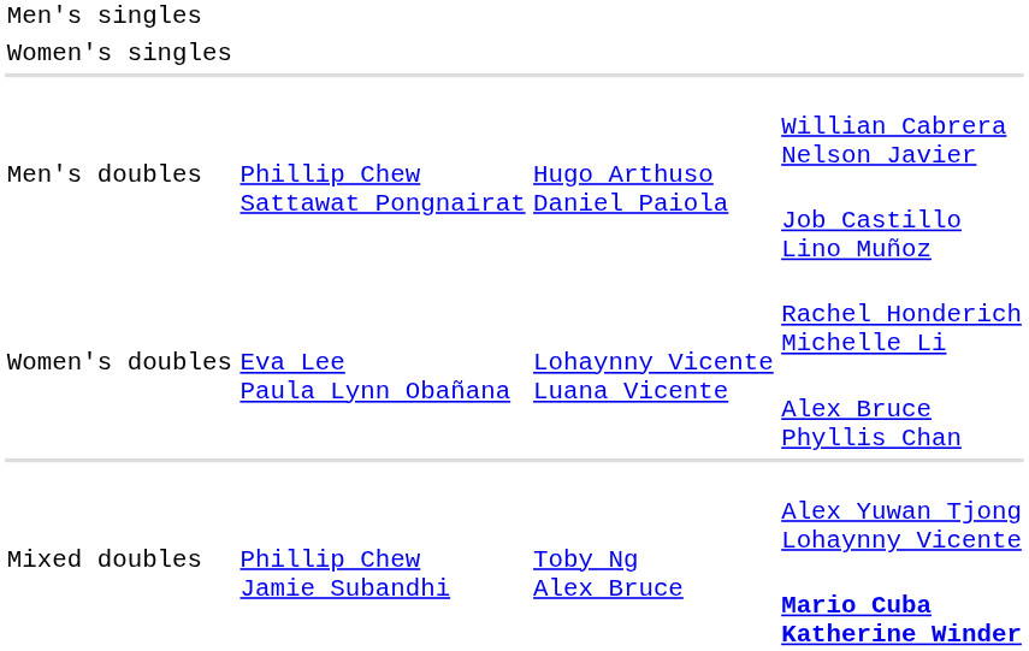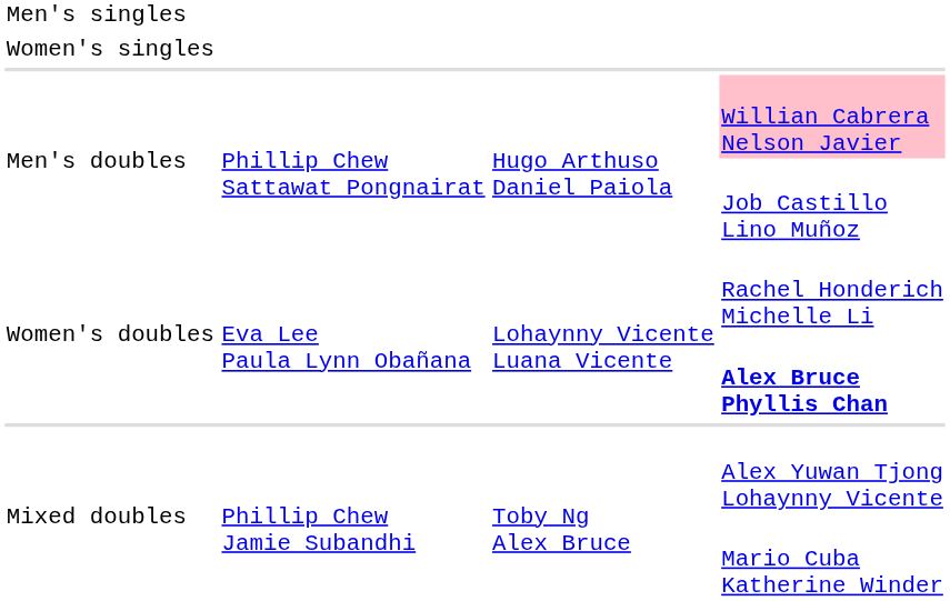 <table>
 <tr>
 <td rowspan=2>Men's singles <br></td>
 <td rowspan=2></td>
 <td rowspan=2></td>
 <td></td>
 </tr>
 <tr>
 <td></td>
 </tr>
 <tr>
 <td rowspan=2>Women's singles <br></td>
 <td rowspan=2></td>
 <td rowspan=2></td>
 <td></td>
 </tr>
 <tr>
 <td></td>
 </tr>
 <tr bgcolor=#DDDDDD>
 <td colspan=7></td>
 </tr>
 <tr>
 <td rowspan=2>Men's doubles <br></td>
 <td rowspan=2><br><a href='#'>Phillip Chew</a><br><a href='#'>Sattawat Pongnairat</a></td>
 <td rowspan=2><br><a href='#'>Hugo Arthuso</a><br><a href='#'>Daniel Paiola</a></td>
-<td><br><a href='#'>Willian Cabrera</a><br><a href='#'>Nelson Javier</a></td>
+<td style="background: pink;"><br><a href='#'>Willian Cabrera</a><br><a href='#'>Nelson Javier</a></td>
 </tr>
 <tr>
 <td><br><a href='#'>Job Castillo</a><br><a href='#'>Lino Muñoz</a></td>
 </tr>
 <tr>
 <td rowspan=2>Women's doubles <br></td>
 <td rowspan=2><br><a href='#'>Eva Lee</a><br><a href='#'>Paula Lynn Obañana</a></td>
 <td rowspan=2><br><a href='#'>Lohaynny Vicente</a><br><a href='#'>Luana Vicente</a></td>
 <td><br><a href='#'>Rachel Honderich</a><br><a href='#'>Michelle Li</a></td>
 </tr>
 <tr>
-<td><br><a href='#'>Alex Bruce</a><br><a href='#'>Phyllis Chan</a></td>
+<td><strong><br><a href='#'>Alex Bruce</a><br><a href='#'>Phyllis Chan</a></strong></td>
 </tr>
 <tr bgcolor=#DDDDDD>
 <td colspan=7></td>
 </tr>
 <tr>
 <td rowspan=2>Mixed doubles <br></td>
 <td rowspan=2><br><a href='#'>Phillip Chew</a><br><a href='#'>Jamie Subandhi</a></td>
 <td rowspan=2><br><a href='#'>Toby Ng</a>  <br><a href='#'>Alex Bruce</a></td>
 <td><br><a href='#'>Alex Yuwan Tjong</a><br><a href='#'>Lohaynny Vicente</a></td>
 </tr>
 <tr>
-<td><strong><br><a href='#'>Mario Cuba</a><br><a href='#'>Katherine Winder</a></strong></td>
+<td><br><a href='#'>Mario Cuba</a><br><a href='#'>Katherine Winder</a></td>
 </tr>
 </table>
